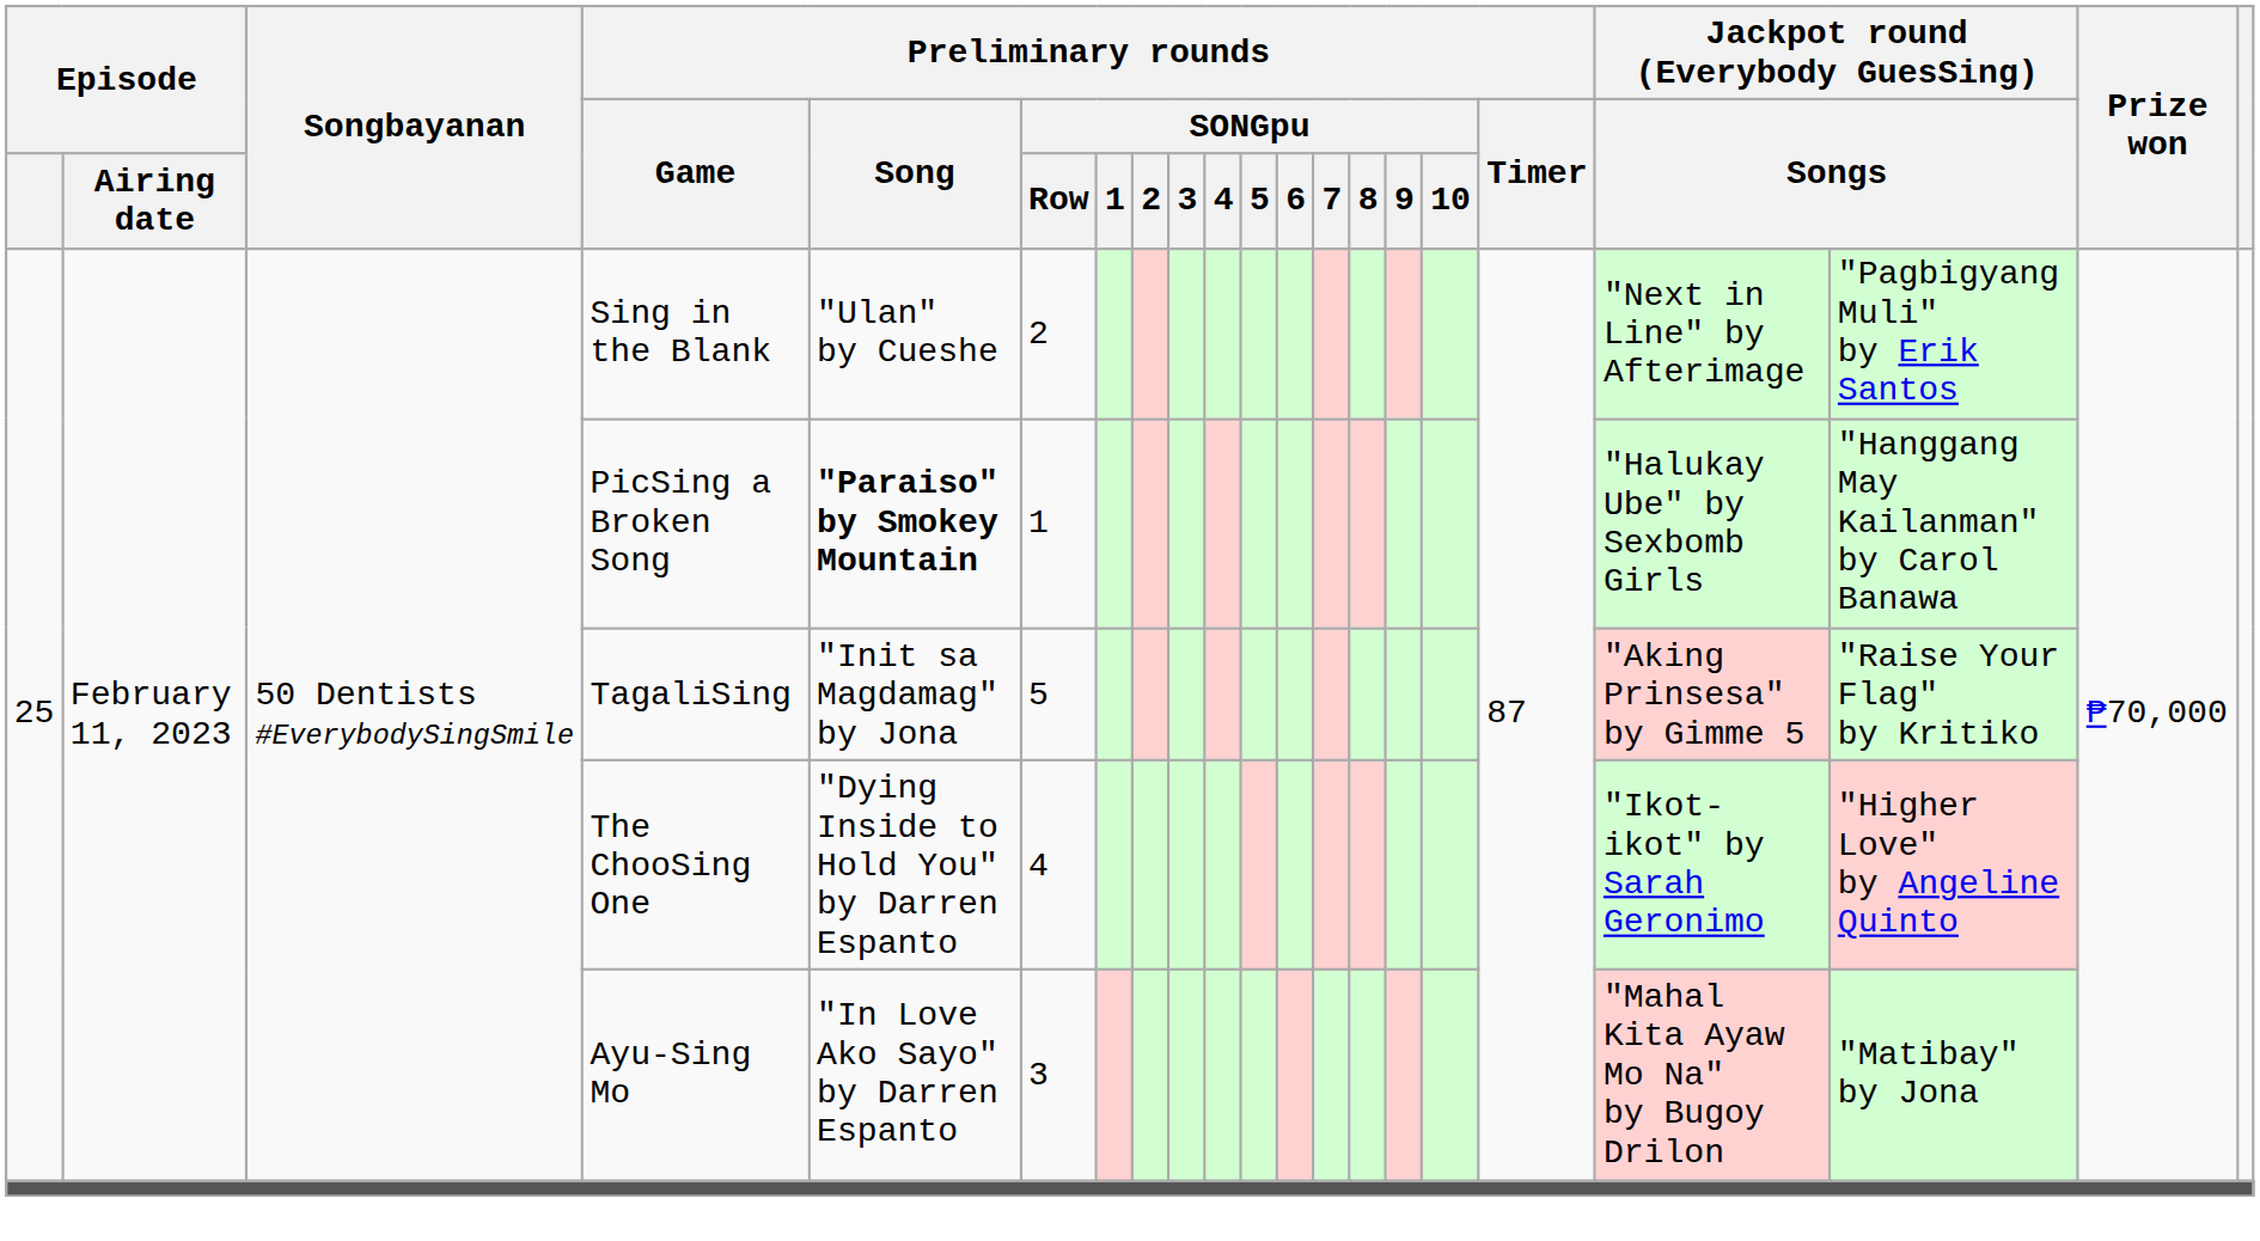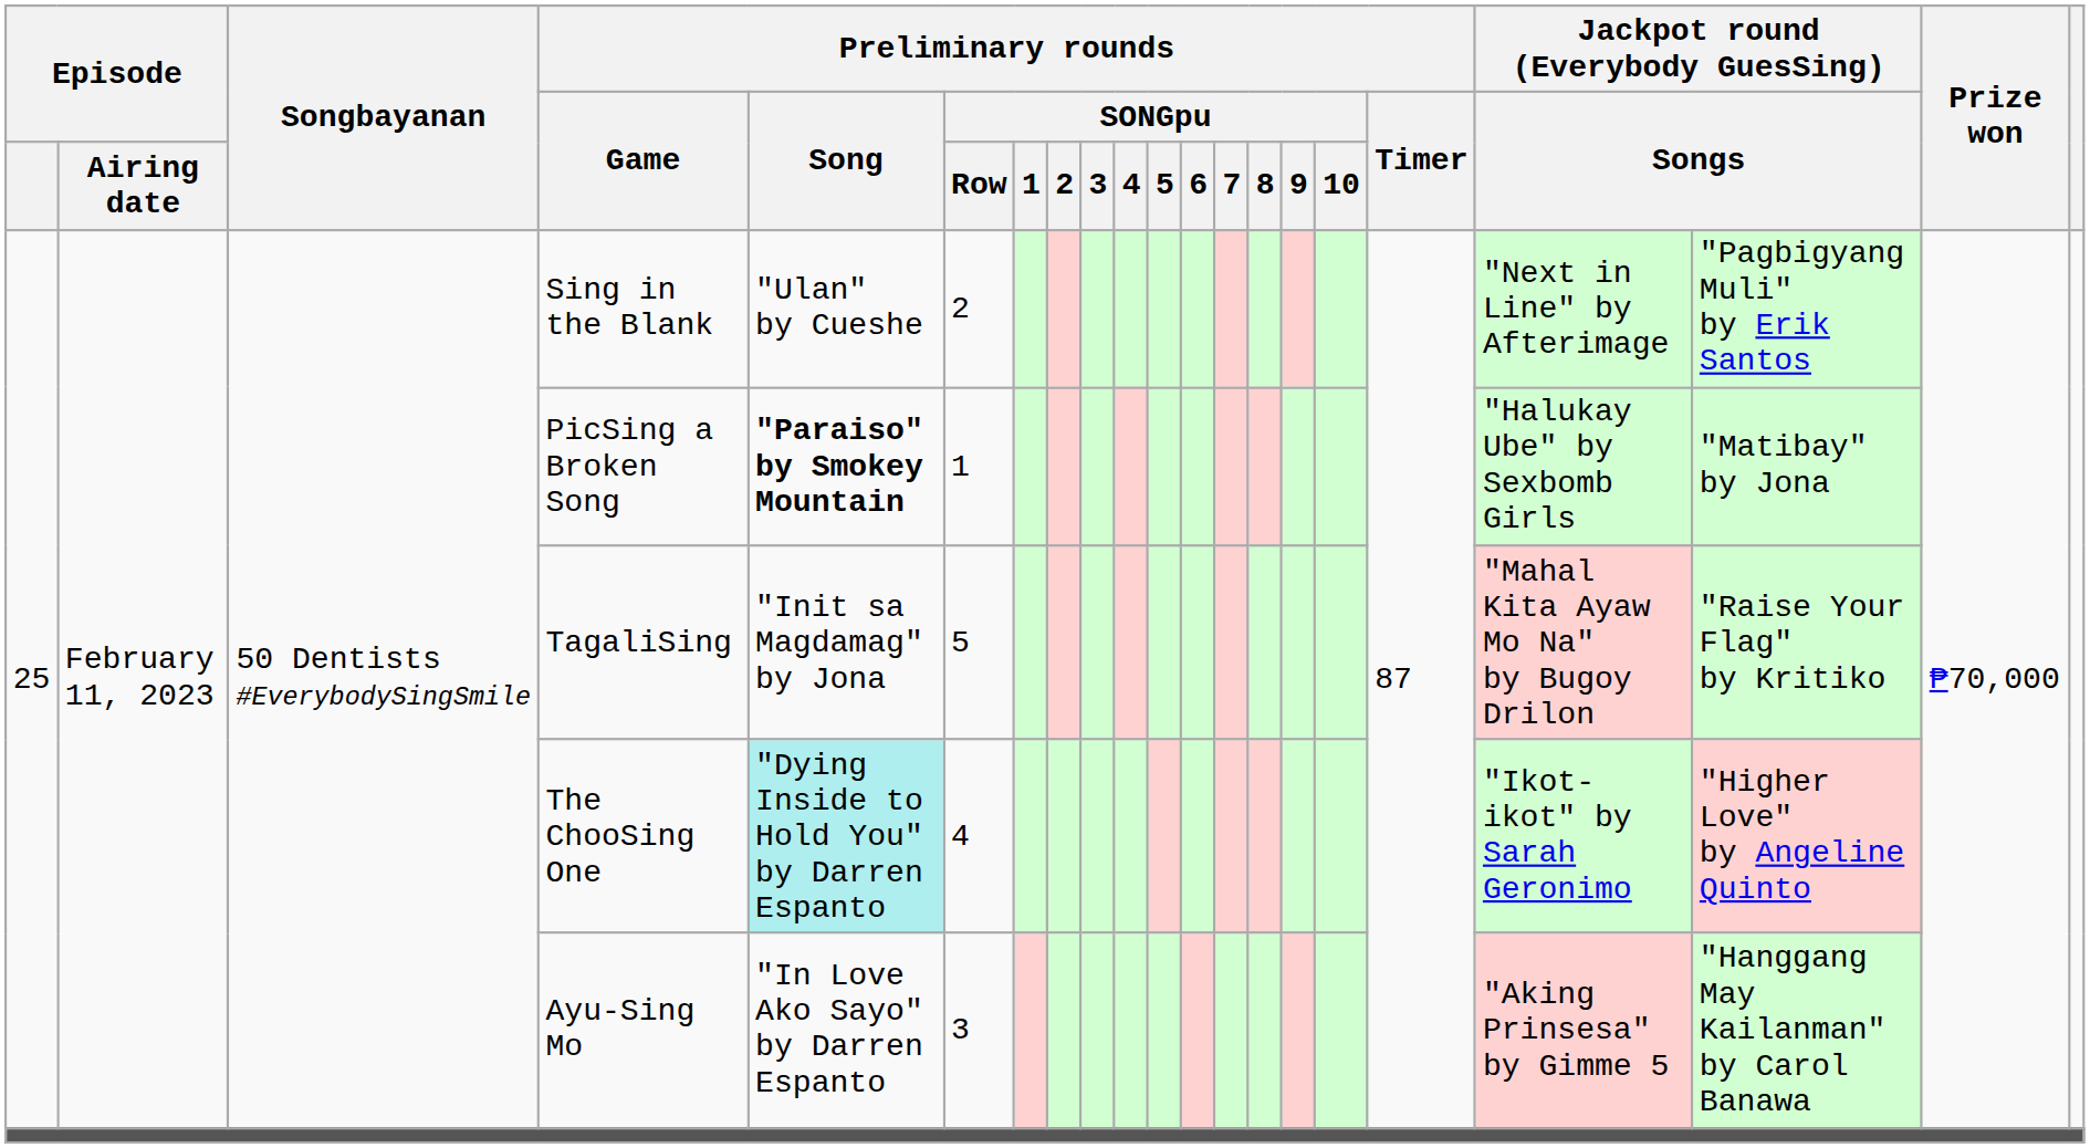 <table class="wikitable plainrowheaders mw-collapsible ">
 <tr>
 <th colspan="2" rowspan="2">Episode</th>
 <th rowspan="3">Songbayanan</th>
 <th colspan="14">Preliminary rounds</th>
 <th colspan="2">Jackpot round<br>(Everybody GuesSing)</th>
 <th rowspan="3">Prize won</th>
 <th rowspan="3"></th>
 </tr>
 <tr>
 <th rowspan="2">Game</th>
 <th rowspan="2">Song</th>
 <th colspan="11">SONGpu</th>
 <th rowspan="2">Timer</th>
 <th colspan="2" rowspan="2">Songs</th>
 </tr>
 <tr>
 <th></th>
 <th>Airing date</th>
 <th>Row</th>
 <th>1</th>
 <th>2</th>
 <th>3</th>
 <th>4</th>
 <th>5</th>
 <th>6</th>
 <th>7</th>
 <th>8</th>
 <th>9</th>
 <th>10</th>
 </tr>
 <tr>
 <td rowspan="5">25</td>
 <td rowspan="5">February 11, 2023</td>
 <td rowspan="5">50 Dentists<br><small><em>#EverybodySingSmile</em></small></td>
 <td>Sing in the Blank</td>
 <td>"Ulan"<br>by Cueshe</td>
 <td>2</td>
 <td style="background:#D2FFD2"></td>
 <td style="background:#FFD2D2"></td>
 <td style="background:#D2FFD2"></td>
 <td style="background:#D2FFD2"></td>
 <td style="background:#D2FFD2"></td>
 <td style="background:#D2FFD2"></td>
 <td style="background:#FFD2D2"></td>
 <td style="background:#D2FFD2"></td>
 <td style="background:#FFD2D2"></td>
 <td style="background:#D2FFD2"></td>
 <td rowspan="5">87 </td>
 <td style="background:#D2FFD2">"Next in Line" by Afterimage</td>
 <td style="background:#D2FFD2">"Pagbigyang Muli"<br>by <a href='#'>Erik Santos</a></td>
 <td rowspan="5"><a href='#'>₱</a>70,000</td>
 <td rowspan="5"></td>
 </tr>
 <tr>
 <td>PicSing a Broken Song</td>
 <td><strong>"Paraiso"<br>by Smokey Mountain</strong></td>
 <td>1</td>
 <td style="background:#D2FFD2"></td>
 <td style="background:#FFD2D2"></td>
 <td style="background:#D2FFD2"></td>
 <td style="background:#FFD2D2"></td>
 <td style="background:#D2FFD2"></td>
 <td style="background:#D2FFD2"></td>
 <td style="background:#FFD2D2"></td>
 <td style="background:#FFD2D2"></td>
 <td style="background:#D2FFD2"></td>
 <td style="background:#D2FFD2"></td>
 <td style="background:#D2FFD2">"Halukay Ube" by Sexbomb Girls</td>
-<td style="background:#D2FFD2">"Hanggang May Kailanman"<br>by Carol Banawa</td>
+<td style="background:#D2FFD2">"Matibay"<br>by Jona</td>
 </tr>
 <tr>
 <td>TagaliSing</td>
 <td>"Init sa Magdamag"<br>by Jona</td>
 <td>5</td>
 <td style="background:#D2FFD2"></td>
 <td style="background:#FFD2D2"></td>
 <td style="background:#D2FFD2"></td>
 <td style="background:#FFD2D2"></td>
 <td style="background:#D2FFD2"></td>
 <td style="background:#D2FFD2"></td>
 <td style="background:#FFD2D2"></td>
 <td style="background:#D2FFD2"></td>
 <td style="background:#D2FFD2"></td>
 <td style="background:#D2FFD2"></td>
-<td style="background:#FFD2D2">"Aking Prinsesa"<br>by Gimme 5</td>
+<td style="background:#FFD2D2">"Mahal Kita Ayaw Mo Na"<br>by Bugoy Drilon</td>
 <td style="background:#D2FFD2">"Raise Your Flag"<br>by Kritiko</td>
 </tr>
 <tr>
 <td>The ChooSing One</td>
-<td>"Dying Inside to Hold You"<br>by Darren Espanto</td>
+<td style="background: paleturquoise;">"Dying Inside to Hold You"<br>by Darren Espanto</td>
 <td>4</td>
 <td style="background:#D2FFD2"></td>
 <td style="background:#D2FFD2"></td>
 <td style="background:#D2FFD2"></td>
 <td style="background:#D2FFD2"></td>
 <td style="background:#FFD2D2"></td>
 <td style="background:#D2FFD2"></td>
 <td style="background:#FFD2D2"></td>
 <td style="background:#FFD2D2"></td>
 <td style="background:#D2FFD2"></td>
 <td style="background:#D2FFD2"></td>
 <td style="background:#D2FFD2">"Ikot-ikot" by <a href='#'>Sarah Geronimo</a></td>
 <td style="background:#FFD2D2">"Higher Love"<br>by <a href='#'>Angeline Quinto</a></td>
 </tr>
 <tr>
 <td>Ayu-Sing Mo</td>
 <td>"In Love Ako Sayo"<br>by Darren Espanto</td>
 <td>3</td>
 <td style="background:#FFD2D2"></td>
 <td style="background:#D2FFD2"></td>
 <td style="background:#D2FFD2"></td>
 <td style="background:#D2FFD2"></td>
 <td style="background:#D2FFD2"></td>
 <td style="background:#FFD2D2"></td>
 <td style="background:#D2FFD2"></td>
 <td style="background:#D2FFD2"></td>
 <td style="background:#FFD2D2"></td>
 <td style="background:#D2FFD2"></td>
-<td style="background:#FFD2D2">"Mahal Kita Ayaw Mo Na"<br>by Bugoy Drilon</td>
-<td style="background:#D2FFD2">"Matibay"<br>by Jona</td>
+<td style="background:#FFD2D2">"Aking Prinsesa"<br>by Gimme 5</td>
+<td style="background:#D2FFD2">"Hanggang May Kailanman"<br>by Carol Banawa</td>
 </tr>
 <tr>
 <th colspan="21" style="background:#555;"></th>
 </tr>
 <tr>
 </tr>
 </table>
